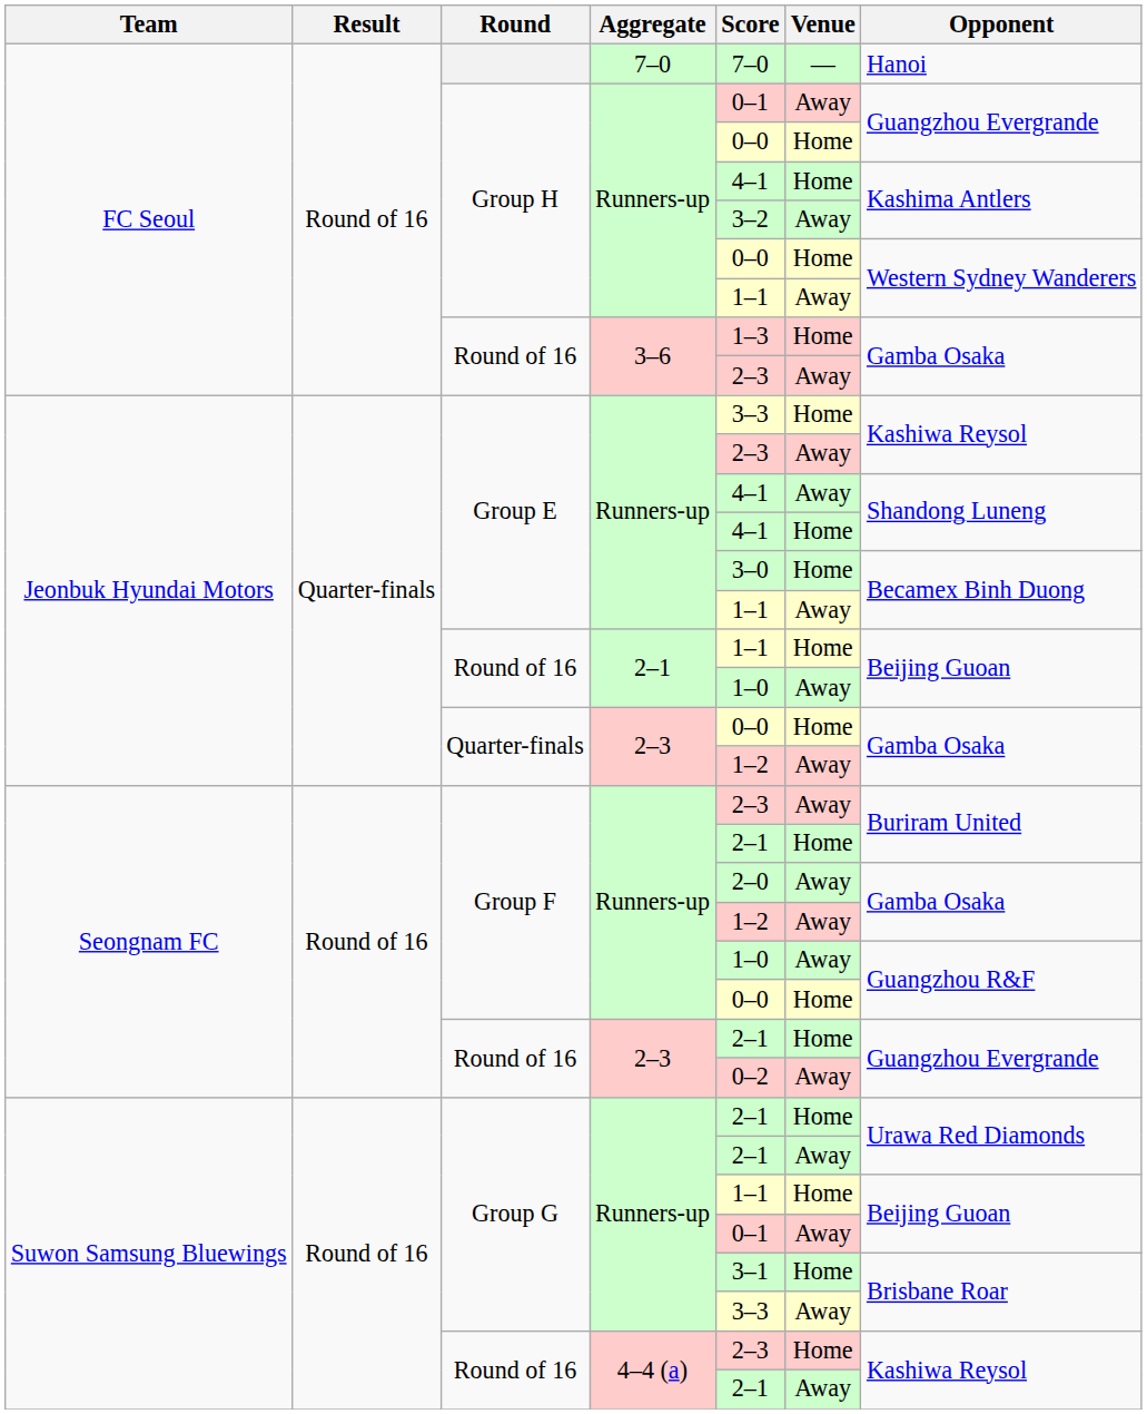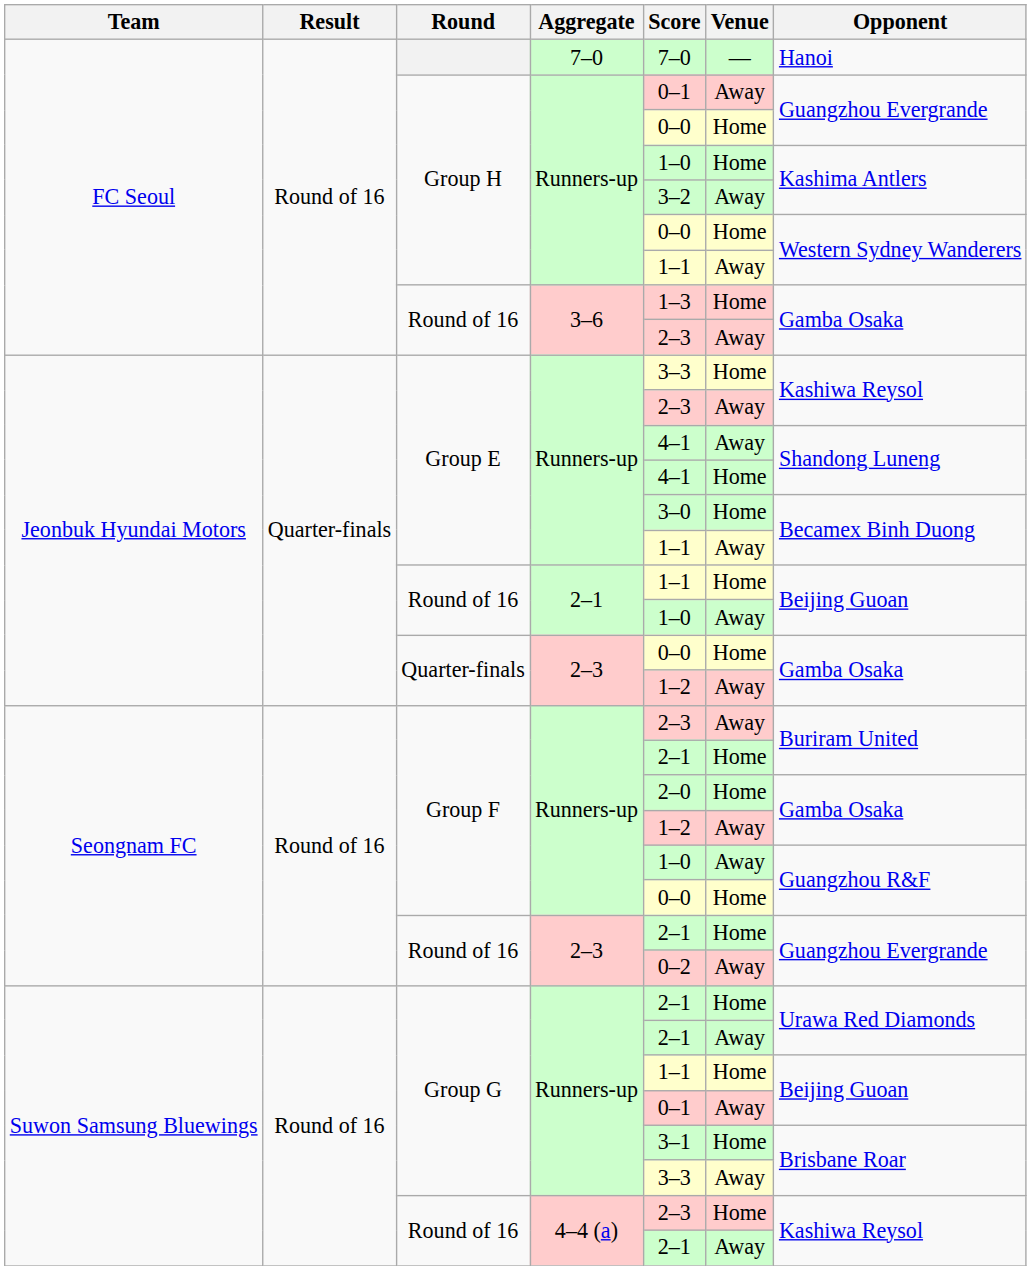 <table class="wikitable" style="text-align:center;">
 <tr>
 <th>Team</th>
 <th>Result</th>
 <th>Round</th>
 <th>Aggregate</th>
 <th>Score</th>
 <th>Venue</th>
 <th>Opponent</th>
 </tr>
 <tr>
 <td rowspan="9"><a href='#'>FC Seoul</a></td>
 <td rowspan="9">Round of 16</td>
 <th></th>
 <td bgcolor="#cfc">7–0</td>
 <td bgcolor="#cfc">7–0</td>
 <td bgcolor="#cfc">—</td>
 <td align="left"> <a href='#'>Hanoi</a></td>
 </tr>
 <tr>
 <td rowspan="6">Group H</td>
 <td rowspan="6" bgcolor="#cfc">Runners-up</td>
 <td bgcolor="#fcc">0–1</td>
 <td bgcolor="#fcc">Away</td>
 <td rowspan="2" align="left"> <a href='#'>Guangzhou Evergrande</a></td>
 </tr>
 <tr>
 <td bgcolor="#ffc">0–0</td>
 <td bgcolor="#ffc">Home</td>
 </tr>
 <tr>
-<td bgcolor="#cfc">4–1</td>
+<td bgcolor="#cfc">1–0</td>
 <td bgcolor="#cfc">Home</td>
 <td rowspan="2" align="left"> <a href='#'>Kashima Antlers</a></td>
 </tr>
 <tr>
 <td bgcolor="#cfc">3–2</td>
 <td bgcolor="#cfc">Away</td>
 </tr>
 <tr>
 <td bgcolor="#ffc">0–0</td>
 <td bgcolor="#ffc">Home</td>
 <td rowspan="2" align="left"> <a href='#'>Western Sydney Wanderers</a></td>
 </tr>
 <tr>
 <td bgcolor="#ffc">1–1</td>
 <td bgcolor="#ffc">Away</td>
 </tr>
 <tr>
 <td rowspan="2">Round of 16</td>
 <td rowspan="2" bgcolor="#fcc">3–6</td>
 <td bgcolor="#fcc">1–3</td>
 <td bgcolor="#fcc">Home</td>
 <td rowspan="2" align="left"> <a href='#'>Gamba Osaka</a></td>
 </tr>
 <tr>
 <td bgcolor="#fcc">2–3</td>
 <td bgcolor="#fcc">Away</td>
 </tr>
 <tr>
 <td rowspan="10"><a href='#'>Jeonbuk Hyundai Motors</a></td>
 <td rowspan="10">Quarter-finals</td>
 <td rowspan="6">Group E</td>
 <td rowspan="6" bgcolor="#cfc">Runners-up</td>
 <td bgcolor="#ffc">3–3</td>
 <td bgcolor="#ffc">Home</td>
 <td rowspan="2" align="left"> <a href='#'>Kashiwa Reysol</a></td>
 </tr>
 <tr>
 <td bgcolor="#fcc">2–3</td>
 <td bgcolor="#fcc">Away</td>
 </tr>
 <tr>
 <td bgcolor="#cfc">4–1</td>
 <td bgcolor="#cfc">Away</td>
 <td rowspan="2" align="left"> <a href='#'>Shandong Luneng</a></td>
 </tr>
 <tr>
 <td bgcolor="#cfc">4–1</td>
 <td bgcolor="#cfc">Home</td>
 </tr>
 <tr>
 <td bgcolor="#cfc">3–0</td>
 <td bgcolor="#cfc">Home</td>
 <td rowspan="2" align="left"> <a href='#'>Becamex Binh Duong</a></td>
 </tr>
 <tr>
 <td bgcolor="#ffc">1–1</td>
 <td bgcolor="#ffc">Away</td>
 </tr>
 <tr>
 <td rowspan="2">Round of 16</td>
 <td rowspan="2" bgcolor="#cfc">2–1</td>
 <td bgcolor="#ffc">1–1</td>
 <td bgcolor="#ffc">Home</td>
 <td rowspan="2" align="left"> <a href='#'>Beijing Guoan</a></td>
 </tr>
 <tr>
 <td bgcolor="#cfc">1–0</td>
 <td bgcolor="#cfc">Away</td>
 </tr>
 <tr>
 <td rowspan="2">Quarter-finals</td>
 <td rowspan="2" bgcolor="#fcc">2–3</td>
 <td bgcolor="#ffc">0–0</td>
 <td bgcolor="#ffc">Home</td>
 <td rowspan="2" align="left"> <a href='#'>Gamba Osaka</a></td>
 </tr>
 <tr>
 <td bgcolor="#fcc">1–2</td>
 <td bgcolor="#fcc">Away</td>
 </tr>
 <tr>
 <td rowspan="8"><a href='#'>Seongnam FC</a></td>
 <td rowspan="8">Round of 16</td>
 <td rowspan="6">Group F</td>
 <td rowspan="6" bgcolor="#cfc">Runners-up</td>
 <td bgcolor="#fcc">2–3</td>
 <td bgcolor="#fcc">Away</td>
 <td rowspan="2" align="left"> <a href='#'>Buriram United</a></td>
 </tr>
 <tr>
 <td bgcolor="#cfc">2–1</td>
 <td bgcolor="#cfc">Home</td>
 </tr>
 <tr>
 <td bgcolor="#cfc">2–0</td>
-<td bgcolor="#cfc">Away</td>
+<td bgcolor="#cfc">Home</td>
 <td rowspan="2" align="left"> <a href='#'>Gamba Osaka</a></td>
 </tr>
 <tr>
 <td bgcolor="#fcc">1–2</td>
 <td bgcolor="#fcc">Away</td>
 </tr>
 <tr>
 <td bgcolor="#cfc">1–0</td>
 <td bgcolor="#cfc">Away</td>
 <td rowspan="2" align="left"> <a href='#'>Guangzhou R&F</a></td>
 </tr>
 <tr>
 <td bgcolor="#ffc">0–0</td>
 <td bgcolor="#ffc">Home</td>
 </tr>
 <tr>
 <td rowspan="2">Round of 16</td>
 <td rowspan="2" bgcolor="#fcc">2–3</td>
 <td bgcolor="#cfc">2–1</td>
 <td bgcolor="#cfc">Home</td>
 <td rowspan="2" align="left"> <a href='#'>Guangzhou Evergrande</a></td>
 </tr>
 <tr>
 <td bgcolor="#fcc">0–2</td>
 <td bgcolor="#fcc">Away</td>
 </tr>
 <tr>
 <td rowspan="8"><a href='#'>Suwon Samsung Bluewings</a></td>
 <td rowspan="8">Round of 16</td>
 <td rowspan="6">Group G</td>
 <td rowspan="6" bgcolor="#cfc">Runners-up</td>
 <td bgcolor="#cfc">2–1</td>
 <td bgcolor="#cfc">Home</td>
 <td rowspan="2" align="left"> <a href='#'>Urawa Red Diamonds</a></td>
 </tr>
 <tr>
 <td bgcolor="#cfc">2–1</td>
 <td bgcolor="#cfc">Away</td>
 </tr>
 <tr>
 <td bgcolor="#ffc">1–1</td>
 <td bgcolor="#ffc">Home</td>
 <td rowspan="2" align="left"> <a href='#'>Beijing Guoan</a></td>
 </tr>
 <tr>
 <td bgcolor="#fcc">0–1</td>
 <td bgcolor="#fcc">Away</td>
 </tr>
 <tr>
 <td bgcolor="#cfc">3–1</td>
 <td bgcolor="#cfc">Home</td>
 <td rowspan="2" align="left"> <a href='#'>Brisbane Roar</a></td>
 </tr>
 <tr>
 <td bgcolor="#ffc">3–3</td>
 <td bgcolor="#ffc">Away</td>
 </tr>
 <tr>
 <td rowspan="2">Round of 16</td>
 <td rowspan="2" bgcolor="#fcc">4–4 (<a href='#'>a</a>)</td>
 <td bgcolor="#fcc">2–3</td>
 <td bgcolor="#fcc">Home</td>
 <td rowspan="2" align="left"> <a href='#'>Kashiwa Reysol</a></td>
 </tr>
 <tr>
 <td bgcolor="#cfc">2–1</td>
 <td bgcolor="#cfc">Away</td>
 </tr>
 </table>
